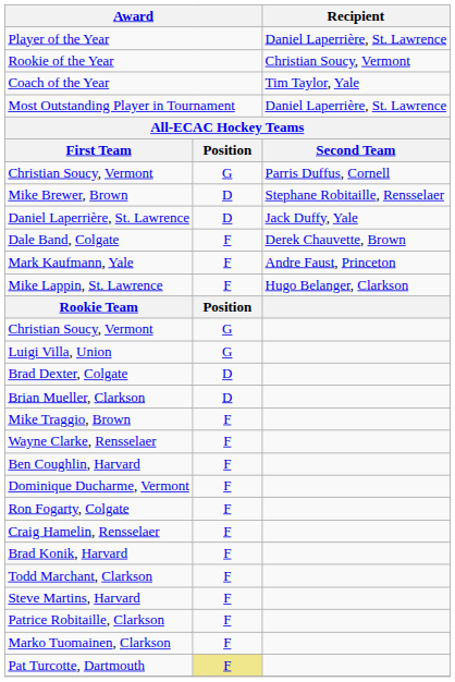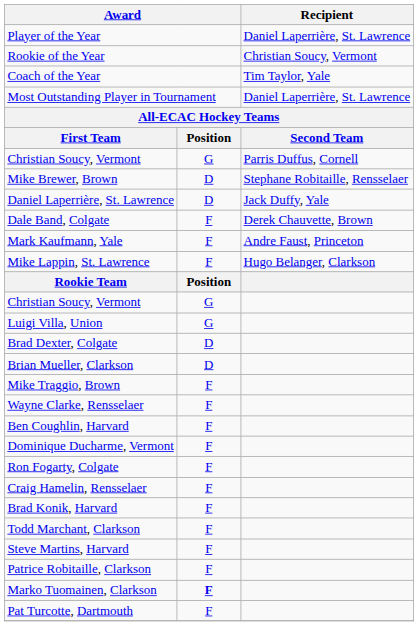 <table class="wikitable">
 <tr>
 <th colspan=2><a href='#'>Award</a></th>
 <th>Recipient</th>
 </tr>
 <tr>
 <td colspan=2><a href='#'>Player of the Year</a></td>
 <td><a href='#'>Daniel Laperrière</a>, <a href='#'>St. Lawrence</a></td>
 </tr>
 <tr>
 <td colspan=2><a href='#'>Rookie of the Year</a></td>
 <td><a href='#'>Christian Soucy</a>, <a href='#'>Vermont</a></td>
 </tr>
 <tr>
 <td colspan=2><a href='#'>Coach of the Year</a></td>
 <td><a href='#'>Tim Taylor</a>, <a href='#'>Yale</a></td>
 </tr>
 <tr>
 <td colspan=2><a href='#'>Most Outstanding Player in Tournament</a></td>
 <td><a href='#'>Daniel Laperrière</a>, <a href='#'>St. Lawrence</a></td>
 </tr>
 <tr>
 <th colspan=3><a href='#'>All-ECAC Hockey Teams</a></th>
 </tr>
 <tr>
 <th><a href='#'>First Team</a></th>
 <th>  Position  </th>
 <th><a href='#'>Second Team</a></th>
 </tr>
 <tr>
 <td><a href='#'>Christian Soucy</a>, <a href='#'>Vermont</a></td>
 <td align=center><a href='#'>G</a></td>
 <td><a href='#'>Parris Duffus</a>, <a href='#'>Cornell</a></td>
 </tr>
 <tr>
 <td><a href='#'>Mike Brewer</a>, <a href='#'>Brown</a></td>
 <td align=center><a href='#'>D</a></td>
 <td><a href='#'>Stephane Robitaille</a>, <a href='#'>Rensselaer</a></td>
 </tr>
 <tr>
 <td><a href='#'>Daniel Laperrière</a>, <a href='#'>St. Lawrence</a></td>
 <td align=center><a href='#'>D</a></td>
 <td><a href='#'>Jack Duffy</a>, <a href='#'>Yale</a></td>
 </tr>
 <tr>
 <td><a href='#'>Dale Band</a>, <a href='#'>Colgate</a></td>
 <td align=center><a href='#'>F</a></td>
 <td><a href='#'>Derek Chauvette</a>, <a href='#'>Brown</a></td>
 </tr>
 <tr>
 <td><a href='#'>Mark Kaufmann</a>, <a href='#'>Yale</a></td>
 <td align=center><a href='#'>F</a></td>
 <td><a href='#'>Andre Faust</a>, <a href='#'>Princeton</a></td>
 </tr>
 <tr>
 <td><a href='#'>Mike Lappin</a>, <a href='#'>St. Lawrence</a></td>
 <td align=center><a href='#'>F</a></td>
 <td><a href='#'>Hugo Belanger</a>, <a href='#'>Clarkson</a></td>
 </tr>
 <tr>
 <th><a href='#'>Rookie Team</a></th>
 <th>  Position  </th>
 <th></th>
 </tr>
 <tr>
 <td><a href='#'>Christian Soucy</a>, <a href='#'>Vermont</a></td>
 <td align=center><a href='#'>G</a></td>
 <td></td>
 </tr>
 <tr>
 <td><a href='#'>Luigi Villa</a>, <a href='#'>Union</a></td>
 <td align=center><a href='#'>G</a></td>
 <td></td>
 </tr>
 <tr>
 <td><a href='#'>Brad Dexter</a>, <a href='#'>Colgate</a></td>
 <td align=center><a href='#'>D</a></td>
 <td></td>
 </tr>
 <tr>
 <td><a href='#'>Brian Mueller</a>, <a href='#'>Clarkson</a></td>
 <td align=center><a href='#'>D</a></td>
 <td></td>
 </tr>
 <tr>
 <td><a href='#'>Mike Traggio</a>, <a href='#'>Brown</a></td>
 <td align=center><a href='#'>F</a></td>
 <td></td>
 </tr>
 <tr>
 <td><a href='#'>Wayne Clarke</a>, <a href='#'>Rensselaer</a></td>
 <td align=center><a href='#'>F</a></td>
 <td></td>
 </tr>
 <tr>
 <td><a href='#'>Ben Coughlin</a>, <a href='#'>Harvard</a></td>
 <td align=center><a href='#'>F</a></td>
 <td></td>
 </tr>
 <tr>
 <td><a href='#'>Dominique Ducharme</a>, <a href='#'>Vermont</a></td>
 <td align=center><a href='#'>F</a></td>
 <td></td>
 </tr>
 <tr>
 <td><a href='#'>Ron Fogarty</a>, <a href='#'>Colgate</a></td>
 <td align=center><a href='#'>F</a></td>
 <td></td>
 </tr>
 <tr>
 <td><a href='#'>Craig Hamelin</a>, <a href='#'>Rensselaer</a></td>
 <td align=center><a href='#'>F</a></td>
 <td></td>
 </tr>
 <tr>
 <td><a href='#'>Brad Konik</a>, <a href='#'>Harvard</a></td>
 <td align=center><a href='#'>F</a></td>
 <td></td>
 </tr>
 <tr>
 <td><a href='#'>Todd Marchant</a>, <a href='#'>Clarkson</a></td>
 <td align=center><a href='#'>F</a></td>
 <td></td>
 </tr>
 <tr>
 <td><a href='#'>Steve Martins</a>, <a href='#'>Harvard</a></td>
 <td align=center><a href='#'>F</a></td>
 <td></td>
 </tr>
 <tr>
 <td><a href='#'>Patrice Robitaille</a>, <a href='#'>Clarkson</a></td>
 <td align=center><a href='#'>F</a></td>
 <td></td>
 </tr>
 <tr>
 <td><a href='#'>Marko Tuomainen</a>, <a href='#'>Clarkson</a></td>
-<td align=center><a href='#'>F</a></td>
+<td align=center><strong><a href='#'>F</a></strong></td>
 <td></td>
 </tr>
 <tr>
 <td><a href='#'>Pat Turcotte</a>, <a href='#'>Dartmouth</a></td>
-<td align=center style="background: khaki;"><a href='#'>F</a></td>
+<td align=center><a href='#'>F</a></td>
 <td></td>
 </tr>
 <tr>
 </tr>
 </table>
